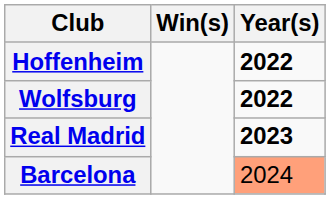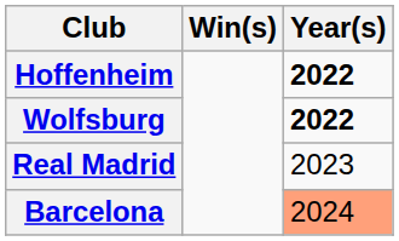 <table class="wikitable plainrowheaders sortable">
 <tr>
 <th scope="col">Club</th>
 <th scope="col">Win(s)</th>
 <th scope="col">Year(s)</th>
 </tr>
 <tr>
 <th scope="row"> <a href='#'>Hoffenheim</a></th>
 <td align="center" rowspan="4"></td>
 <td><strong>2022</strong></td>
 </tr>
 <tr>
 <th scope="row"> <a href='#'>Wolfsburg</a></th>
 <td><strong>2022</strong></td>
 </tr>
 <tr>
 <th scope="row"> <a href='#'>Real Madrid</a></th>
-<td><strong>2023</strong></td>
+<td>2023</td>
 </tr>
 <tr>
 <th scope="row"> <a href='#'>Barcelona</a></th>
 <td style="background: lightsalmon;">2024</td>
 </tr>
 </table>
